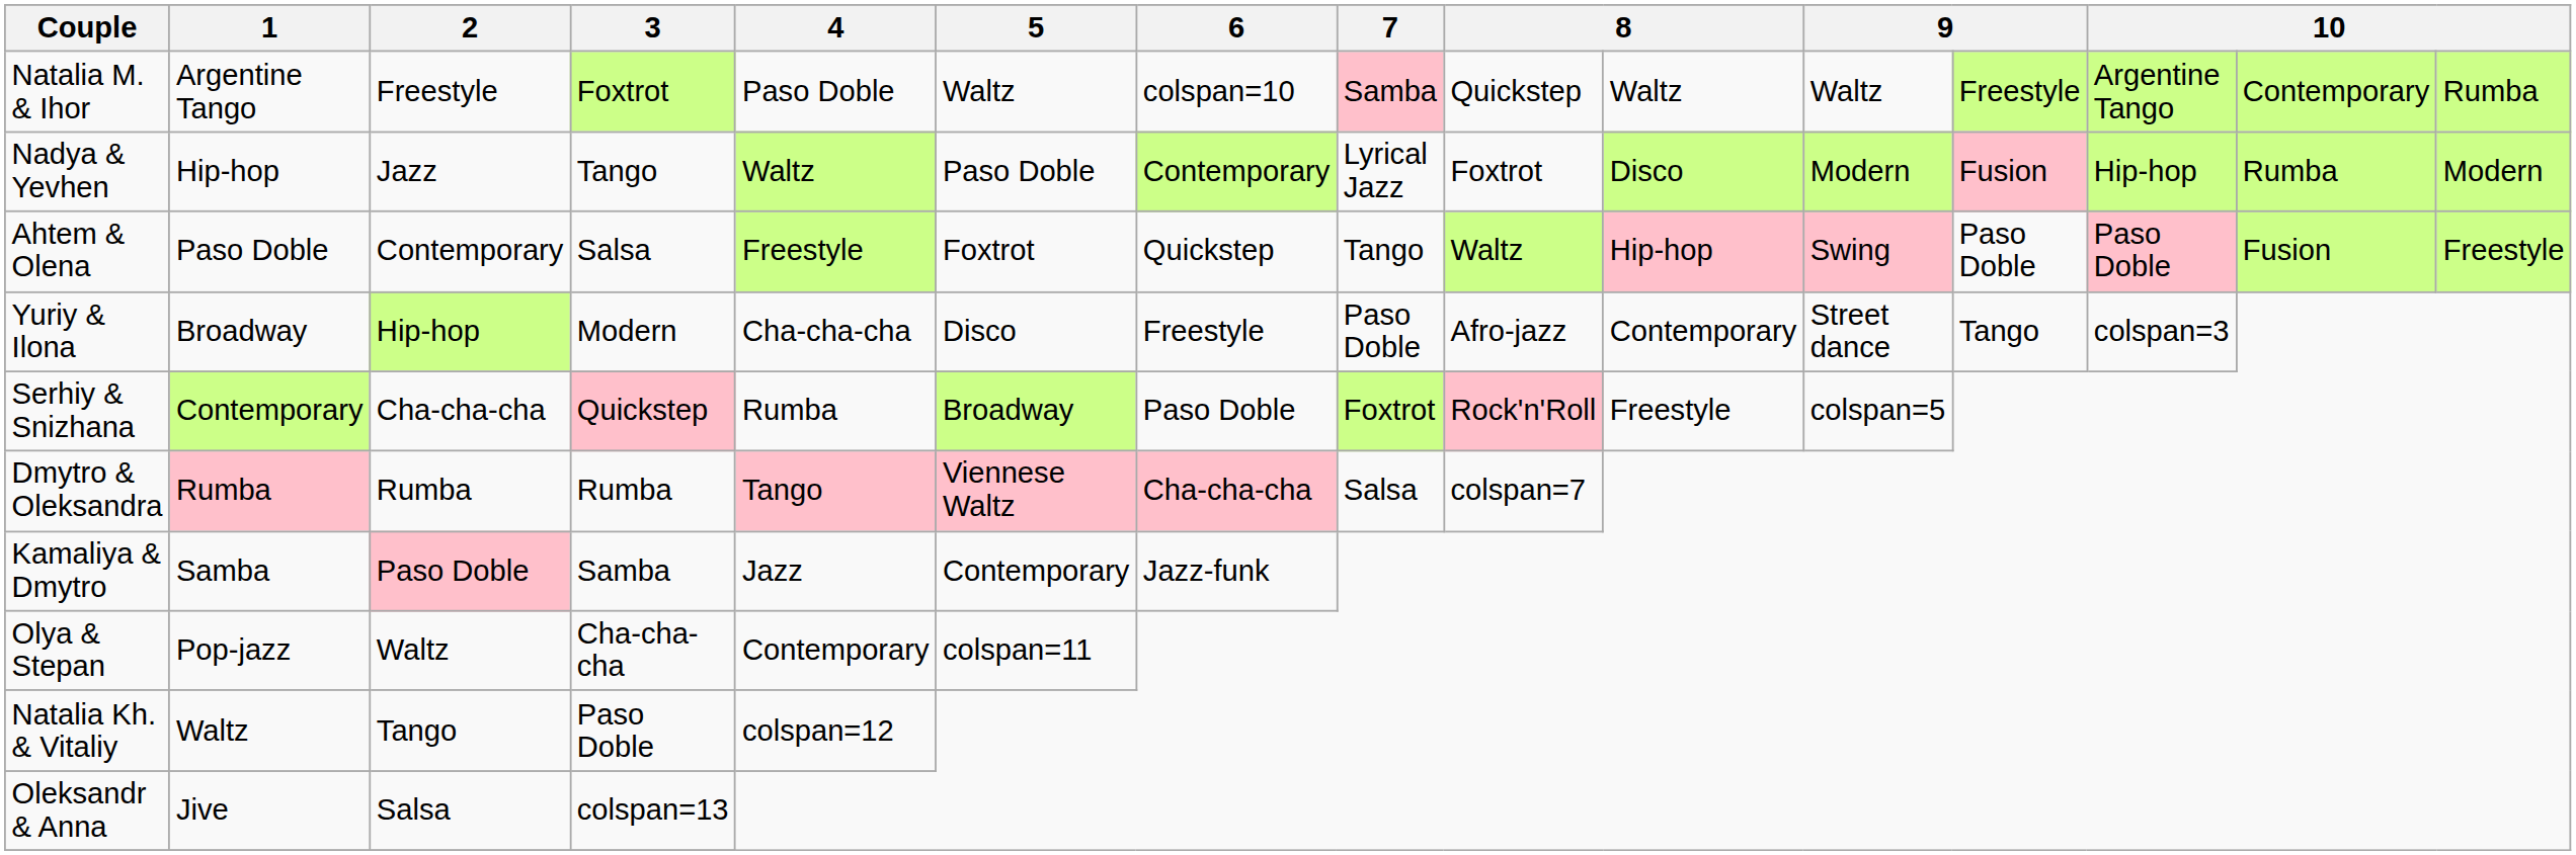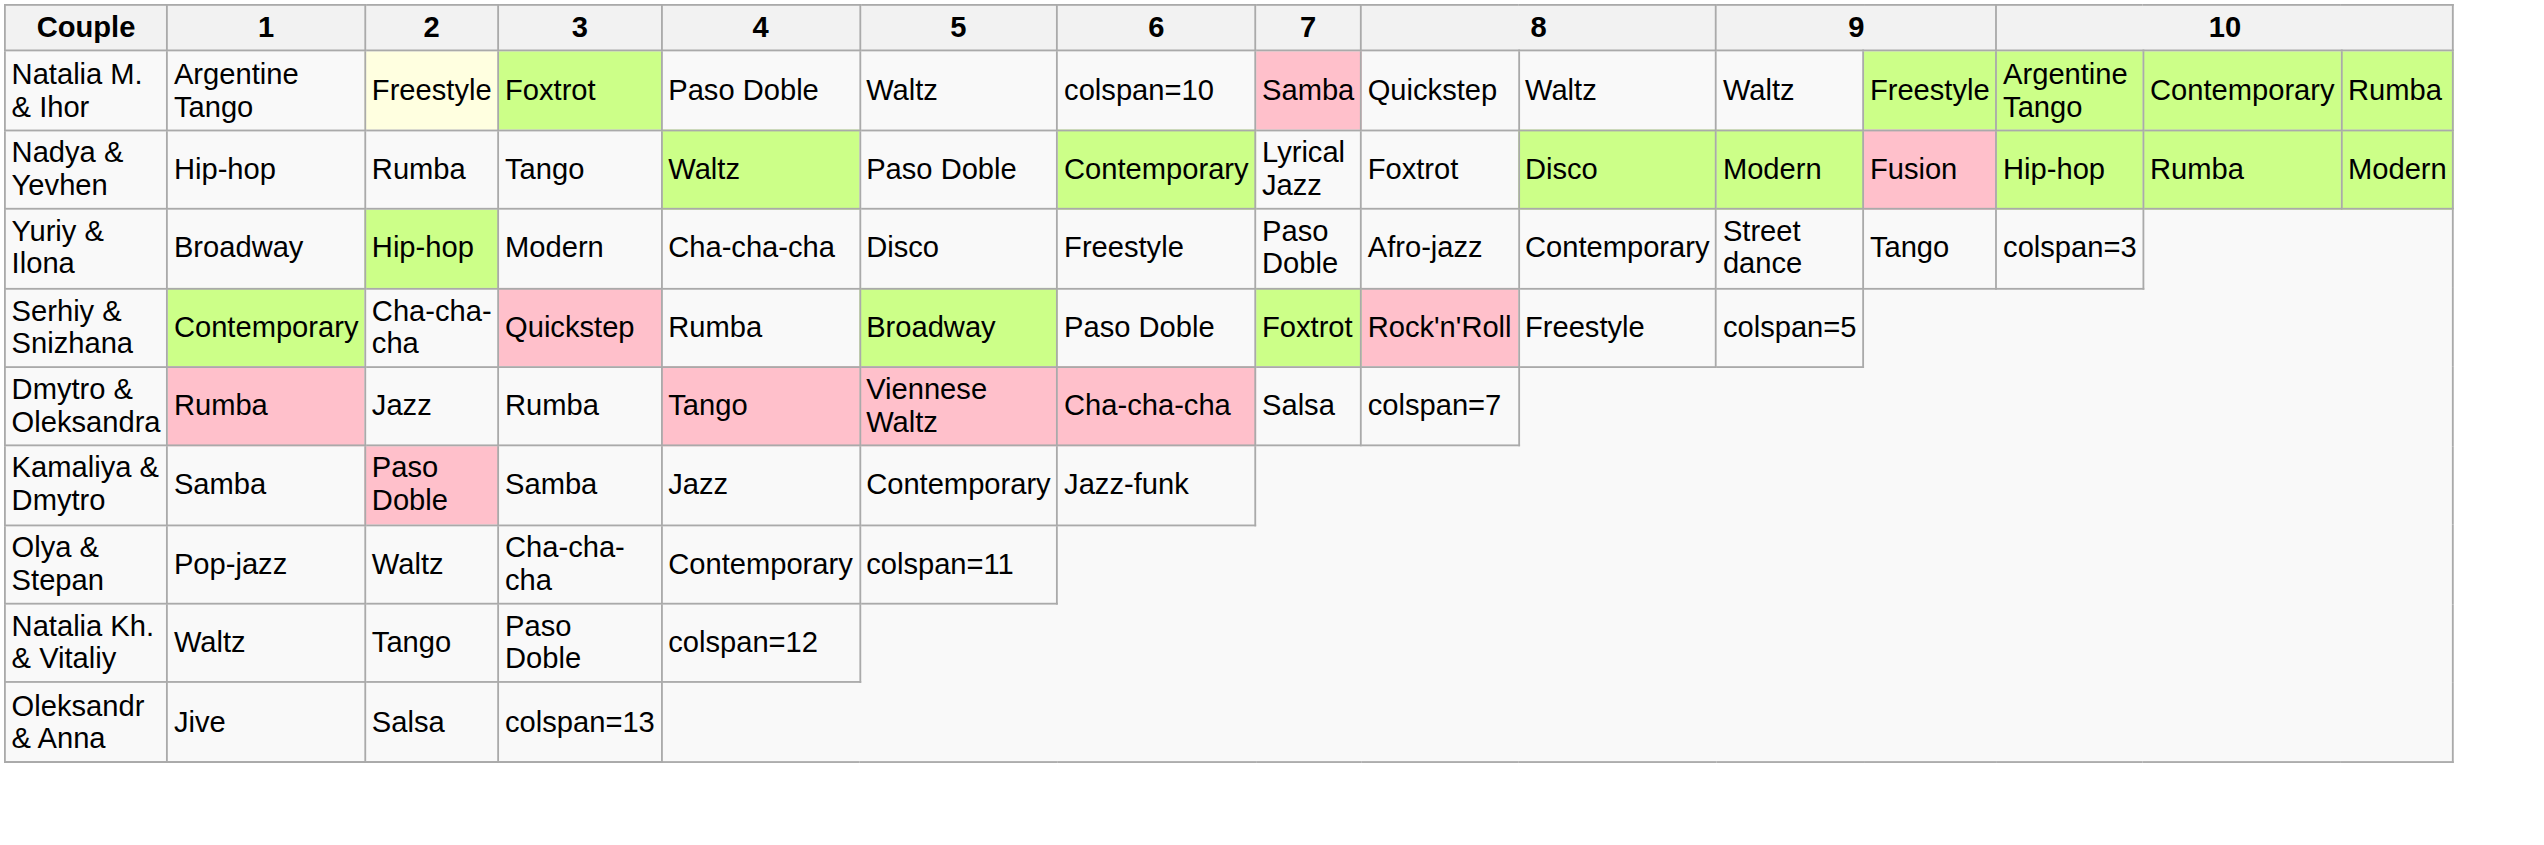 <table class="wikitable" style="margin:auto; style="text-align:center; font-size:83%; line-height:14px;">
 <tr>
 <th>Couple</th>
 <th>1</th>
 <th>2</th>
 <th>3</th>
 <th>4</th>
 <th>5</th>
 <th>6</th>
 <th>7</th>
 <th colspan=2>8</th>
 <th colspan=2>9</th>
 <th colspan=3>10</th>
 </tr>
 <tr>
 <td>Natalia M. & Ihor</td>
 <td>Argentine Tango</td>
-<td>Freestyle</td>
+<td style="background: lightyellow;">Freestyle</td>
 <td style="background:#ccff88;">Foxtrot</td>
 <td>Paso Doble</td>
 <td>Waltz</td>
 <td>colspan=10 </td>
 <td style="background:pink;">Samba</td>
 <td>Quickstep</td>
 <td>Waltz</td>
 <td>Waltz</td>
 <td style="background:#ccff88;">Freestyle</td>
 <td style="background:#ccff88;">Argentine Tango</td>
 <td style="background:#ccff88;">Contemporary</td>
 <td style="background:#ccff88;">Rumba</td>
 </tr>
 <tr>
 <td>Nadya & Yevhen</td>
 <td>Hip-hop</td>
-<td>Jazz</td>
+<td>Rumba</td>
 <td>Tango</td>
 <td style="background:#ccff88;">Waltz</td>
 <td>Paso Doble</td>
 <td style="background:#ccff88;">Contemporary<br></td>
 <td>Lyrical Jazz</td>
 <td>Foxtrot</td>
 <td style="background:#ccff88;">Disco</td>
 <td style="background:#ccff88;">Modern</td>
 <td style="background:pink;">Fusion</td>
 <td style="background:#ccff88;">Hip-hop</td>
 <td style="background:#ccff88;">Rumba</td>
 <td style="background:#ccff88;">Modern</td>
-</tr>
-<tr>
-<td>Ahtem & Olena</td>
-<td>Paso Doble</td>
-<td>Contemporary</td>
-<td>Salsa</td>
-<td style="background:#ccff88;">Freestyle</td>
-<td>Foxtrot</td>
-<td>Quickstep<br></td>
-<td>Tango</td>
-<td style="background:#ccff88;">Waltz</td>
-<td style="background:pink;">Hip-hop</td>
-<td style="background:pink;">Swing</td>
-<td>Paso Doble</td>
-<td style="background:pink;">Paso Doble</td>
-<td style="background:#ccff88;">Fusion</td>
-<td style="background:#ccff88;">Freestyle</td>
 </tr>
 <tr>
 <td>Yuriy & Ilona</td>
 <td>Broadway</td>
 <td style="background:#ccff88;">Hip-hop</td>
 <td>Modern</td>
 <td>Cha-cha-cha</td>
 <td>Disco</td>
 <td>Freestyle<br></td>
 <td>Paso Doble</td>
 <td>Afro-jazz</td>
 <td>Contemporary</td>
 <td>Street dance</td>
 <td>Tango</td>
 <td>colspan=3 </td>
 </tr>
 <tr>
 <td>Serhiy & Snizhana</td>
 <td style="background:#ccff88;">Contemporary</td>
 <td>Cha-cha-cha</td>
 <td style="background:pink;">Quickstep</td>
 <td>Rumba</td>
 <td style="background:#ccff88;">Broadway</td>
 <td>Paso Doble<br></td>
 <td style="background:#ccff88;">Foxtrot</td>
 <td style="background:pink;">Rock'n'Roll</td>
 <td>Freestyle</td>
 <td>colspan=5 </td>
 </tr>
 <tr>
 <td>Dmytro & Oleksandra</td>
 <td style="background:pink;">Rumba</td>
-<td>Rumba</td>
+<td>Jazz</td>
 <td>Rumba</td>
 <td style="background:pink;">Tango</td>
 <td style="background:pink;">Viennese Waltz</td>
 <td style="background:pink;">Cha-cha-cha<br></td>
 <td>Salsa</td>
 <td>colspan=7 </td>
 </tr>
 <tr>
 <td>Kamaliya & Dmytro</td>
 <td>Samba</td>
 <td style="background:pink;">Paso Doble</td>
 <td>Samba</td>
 <td>Jazz</td>
 <td>Contemporary</td>
 <td>Jazz-funk<br></td>
 </tr>
 <tr>
 <td>Olya & Stepan</td>
 <td>Pop-jazz</td>
 <td>Waltz</td>
 <td>Cha-cha-cha</td>
 <td>Contemporary</td>
 <td>colspan=11 </td>
 </tr>
 <tr>
 <td>Natalia Kh. & Vitaliy</td>
 <td>Waltz</td>
 <td>Tango</td>
 <td>Paso Doble</td>
 <td>colspan=12 </td>
 </tr>
 <tr>
 <td>Oleksandr & Anna</td>
 <td>Jive</td>
 <td>Salsa</td>
 <td>colspan=13 </td>
 </tr>
 <tr>
 </tr>
 </table>
